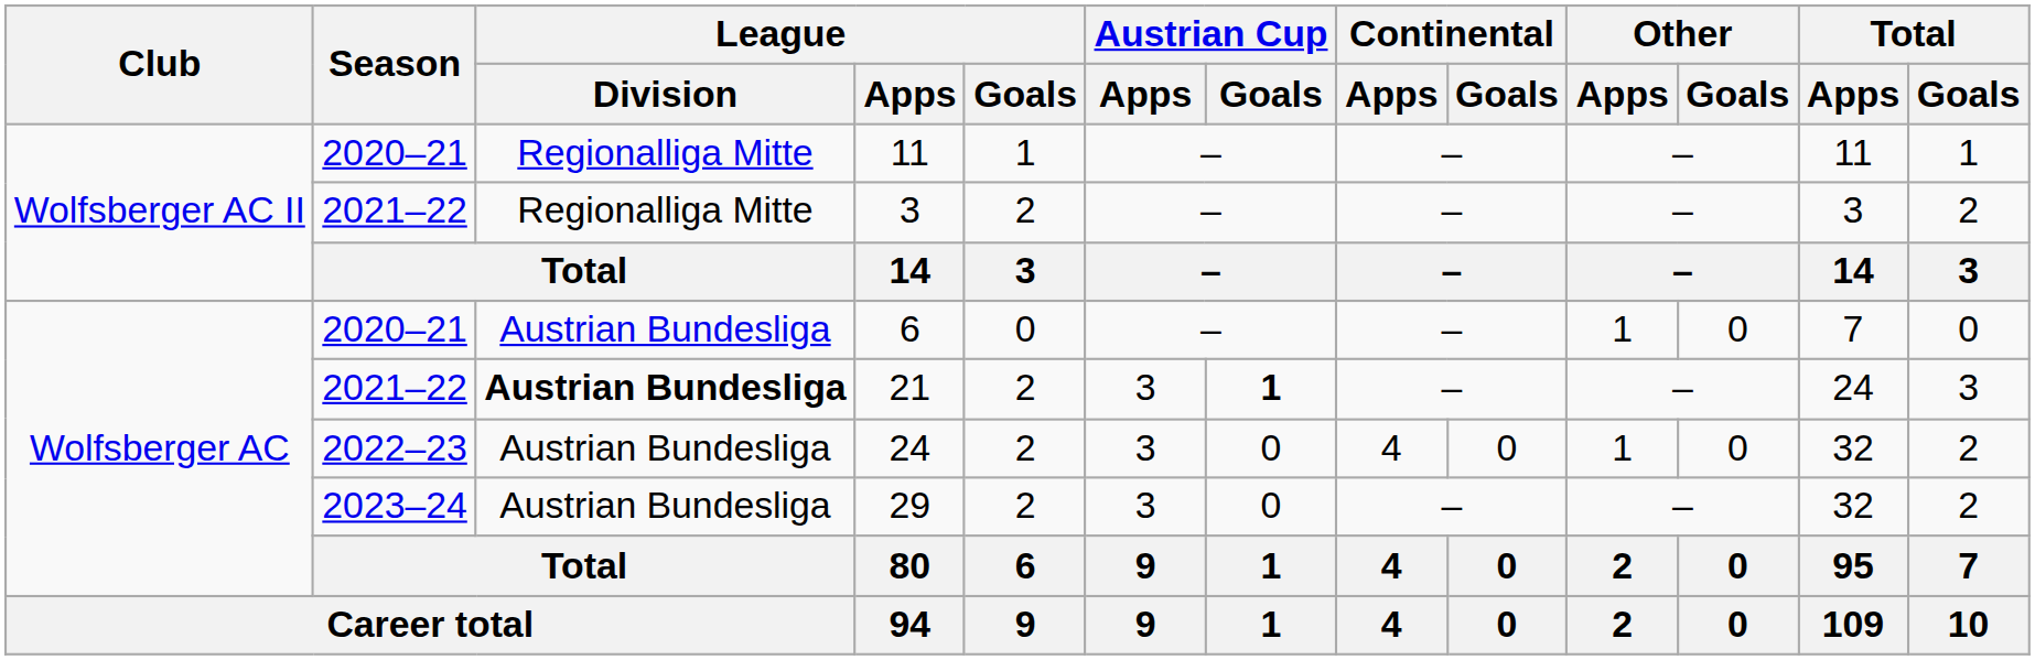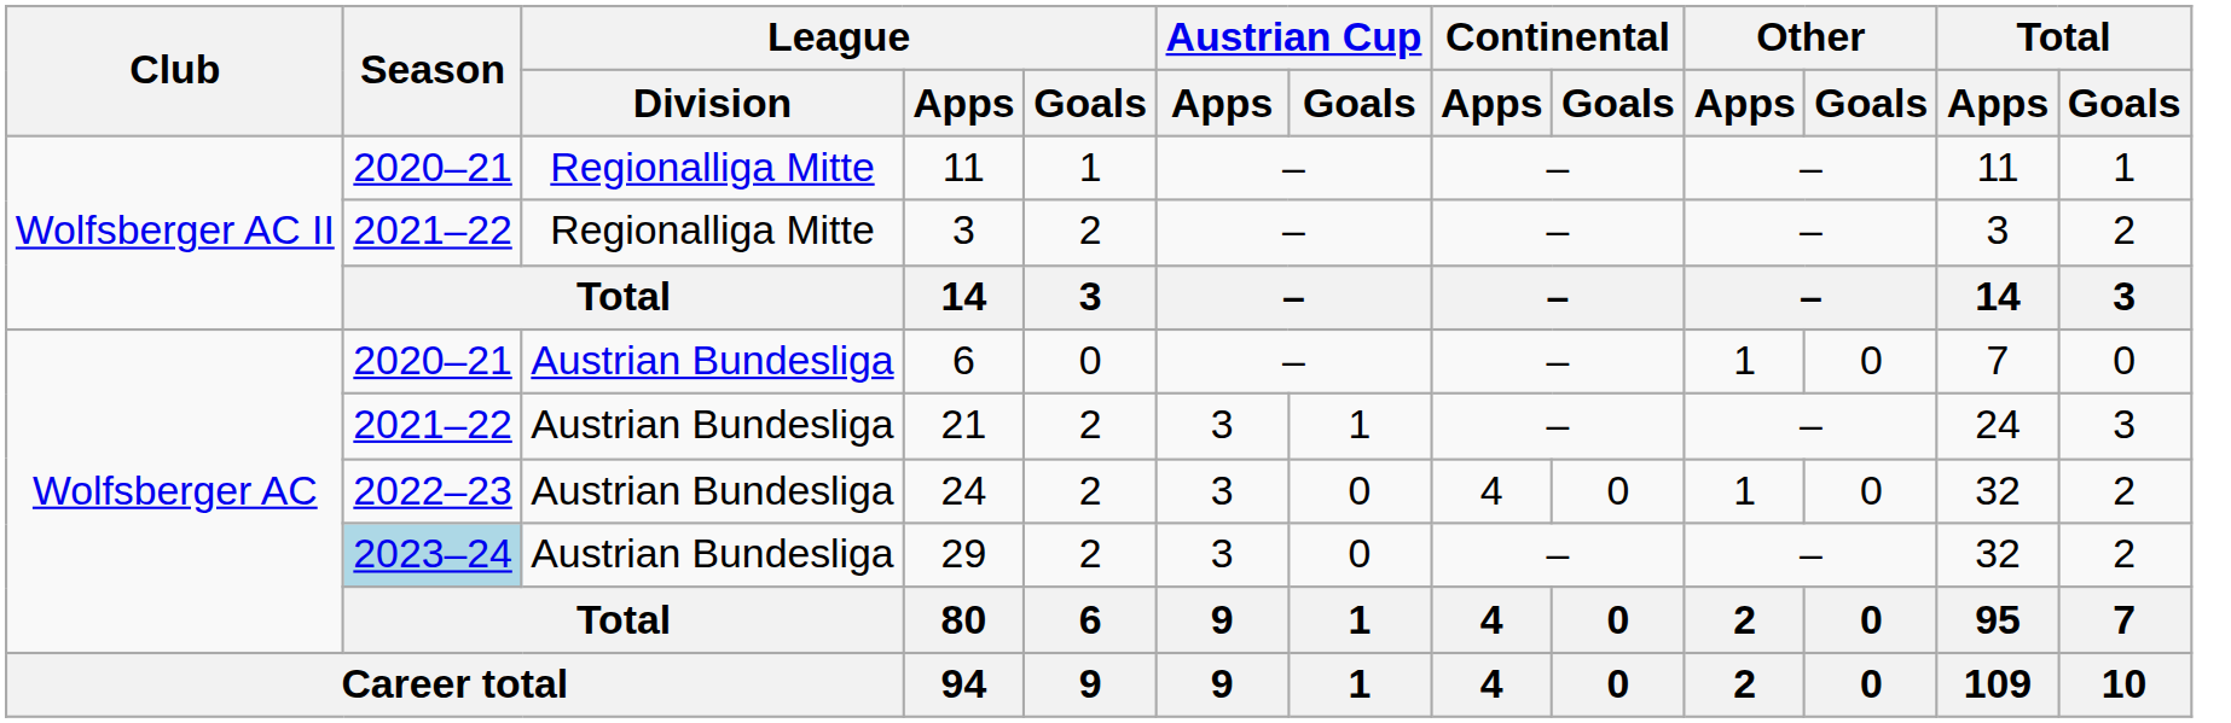 <table class="wikitable" style="text-align:center">
 <tr>
 <th rowspan=2>Club</th>
 <th rowspan=2>Season</th>
 <th colspan=3>League</th>
 <th colspan=2><a href='#'>Austrian Cup</a></th>
 <th colspan=2>Continental</th>
 <th colspan=2>Other</th>
 <th colspan=2>Total</th>
 </tr>
 <tr>
 <th>Division</th>
 <th>Apps</th>
 <th>Goals</th>
 <th>Apps</th>
 <th>Goals</th>
 <th>Apps</th>
 <th>Goals</th>
 <th>Apps</th>
 <th>Goals</th>
 <th>Apps</th>
 <th>Goals</th>
 </tr>
 <tr>
 <td rowspan=3><a href='#'>Wolfsberger AC II</a></td>
 <td><a href='#'>2020–21</a></td>
 <td><a href='#'>Regionalliga Mitte</a></td>
 <td>11</td>
 <td>1</td>
 <td colspan=2>–</td>
 <td colspan=2>–</td>
 <td colspan=2>–</td>
 <td>11</td>
 <td>1</td>
 </tr>
 <tr>
 <td><a href='#'>2021–22</a></td>
 <td>Regionalliga Mitte</td>
 <td>3</td>
 <td>2</td>
 <td colspan=2>–</td>
 <td colspan=2>–</td>
 <td colspan=2>–</td>
 <td>3</td>
 <td>2</td>
 </tr>
 <tr>
 <th colspan=2>Total</th>
 <th>14</th>
 <th>3</th>
 <th colspan=2>–</th>
 <th colspan=2>–</th>
 <th colspan=2>–</th>
 <th>14</th>
 <th>3</th>
 </tr>
 <tr>
 <td rowspan=5><a href='#'>Wolfsberger AC</a></td>
 <td><a href='#'>2020–21</a></td>
 <td><a href='#'>Austrian Bundesliga</a></td>
 <td>6</td>
 <td>0</td>
 <td colspan=2>–</td>
 <td colspan=2>–</td>
 <td>1</td>
 <td>0</td>
 <td>7</td>
 <td>0</td>
 </tr>
 <tr>
 <td><a href='#'>2021–22</a></td>
-<td><strong>Austrian Bundesliga</strong></td>
+<td>Austrian Bundesliga</td>
 <td>21</td>
 <td>2</td>
 <td>3</td>
-<td><strong>1</strong></td>
+<td>1</td>
 <td colspan=2>–</td>
 <td colspan=2>–</td>
 <td>24</td>
 <td>3</td>
 </tr>
 <tr>
 <td><a href='#'>2022–23</a></td>
 <td>Austrian Bundesliga</td>
 <td>24</td>
 <td>2</td>
 <td>3</td>
 <td>0</td>
 <td>4</td>
 <td>0</td>
 <td>1</td>
 <td>0</td>
 <td>32</td>
 <td>2</td>
 </tr>
 <tr>
-<td><a href='#'>2023–24</a></td>
+<td style="background: lightblue;"><a href='#'>2023–24</a></td>
 <td>Austrian Bundesliga</td>
 <td>29</td>
 <td>2</td>
 <td>3</td>
 <td>0</td>
 <td colspan=2>–</td>
 <td colspan=2>–</td>
 <td>32</td>
 <td>2</td>
 </tr>
 <tr>
 <th colspan=2>Total</th>
 <th>80</th>
 <th>6</th>
 <th>9</th>
 <th>1</th>
 <th>4</th>
 <th>0</th>
 <th>2</th>
 <th>0</th>
 <th>95</th>
 <th>7</th>
 </tr>
 <tr>
 <th colspan=3>Career total</th>
 <th>94</th>
 <th>9</th>
 <th>9</th>
 <th>1</th>
 <th>4</th>
 <th>0</th>
 <th>2</th>
 <th>0</th>
 <th>109</th>
 <th>10</th>
 </tr>
 </table>
